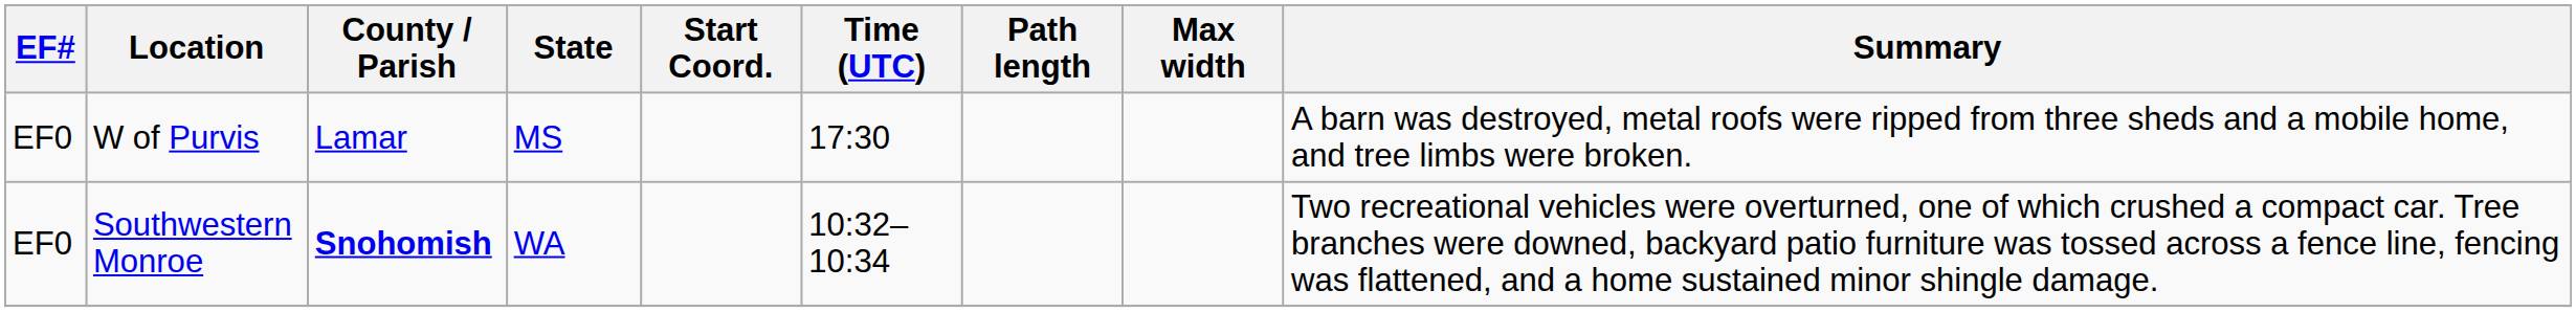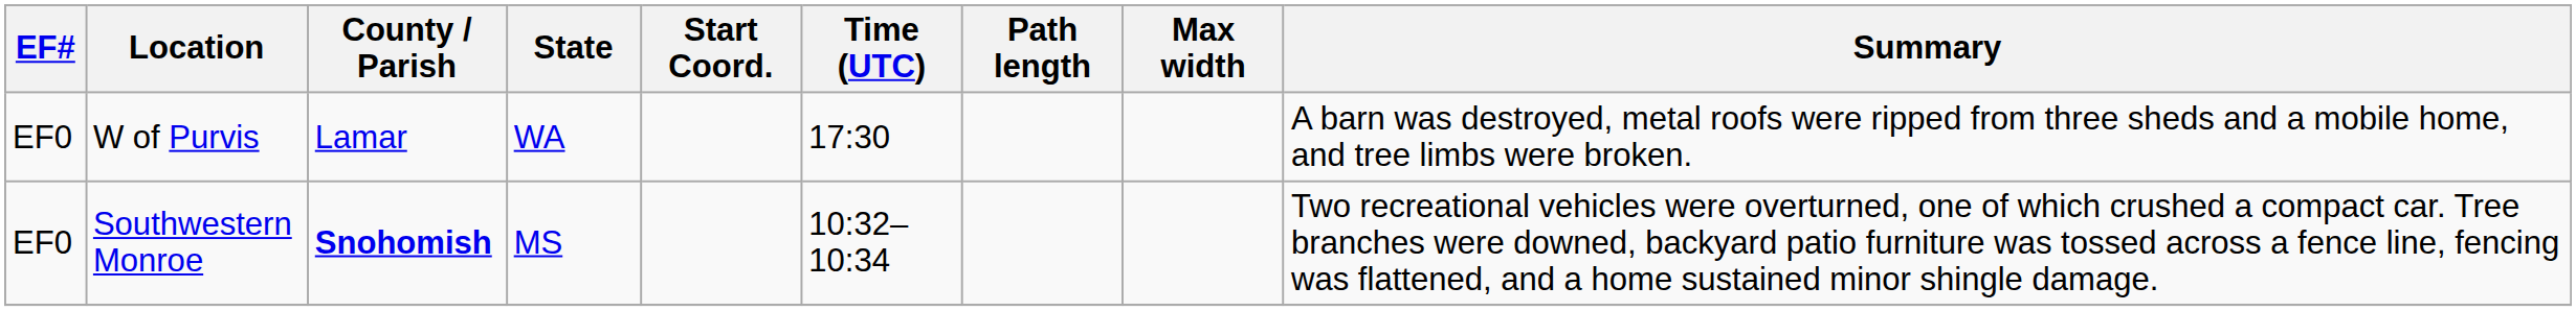 <table class="wikitable sortable" style="width:100%;">
 <tr>
 <th scope="col" style="width:3%; text-align:center;"><a href='#'>EF#</a></th>
 <th scope="col" style="width:7%; text-align:center;" class="unsortable">Location</th>
 <th scope="col" style="width:6%; text-align:center;" class="unsortable">County / Parish</th>
 <th scope="col" style="width:5%; text-align:center;">State</th>
 <th scope="col" style="width:6%; text-align:center;">Start Coord.</th>
 <th scope="col" style="width:6%; text-align:center;">Time (<a href='#'>UTC</a>)</th>
 <th scope="col" style="width:6%; text-align:center;">Path length</th>
 <th scope="col" style="width:6%; text-align:center;">Max width</th>
 <th scope="col" class="unsortable" style="width:48%; text-align:center;">Summary</th>
 </tr>
 <tr>
 <td>EF0</td>
 <td>W of <a href='#'>Purvis</a></td>
 <td><a href='#'>Lamar</a></td>
-<td><a href='#'>MS</a></td>
+<td><a href='#'>WA</a></td>
 <td></td>
 <td>17:30</td>
 <td></td>
 <td></td>
 <td>A barn was destroyed, metal roofs were ripped from three sheds and a mobile home, and tree limbs were broken.</td>
 </tr>
 <tr>
 <td>EF0</td>
 <td><a href='#'>Southwestern Monroe</a></td>
 <td><strong><a href='#'>Snohomish</a></strong></td>
-<td><a href='#'>WA</a></td>
+<td><a href='#'>MS</a></td>
 <td></td>
 <td>10:32–10:34</td>
 <td></td>
 <td></td>
 <td>Two recreational vehicles were overturned, one of which crushed a compact car. Tree branches were downed, backyard patio furniture was tossed across a fence line, fencing was flattened, and a home sustained minor shingle damage.</td>
 </tr>
 <tr>
 </tr>
 </table>
